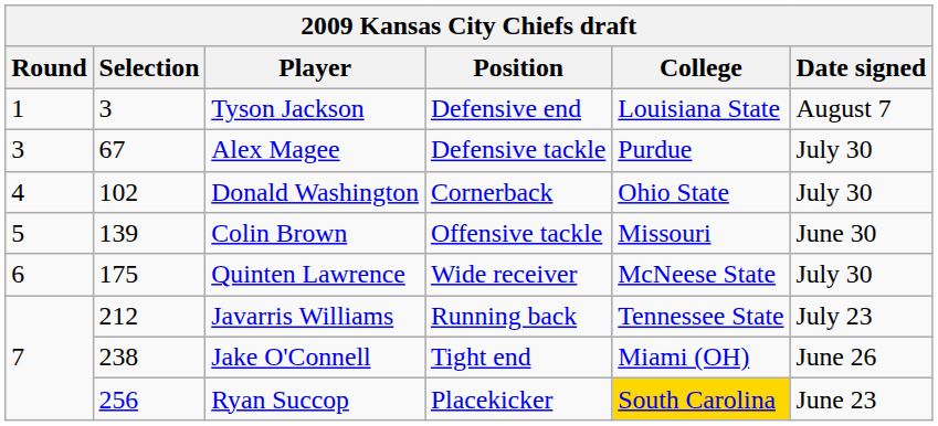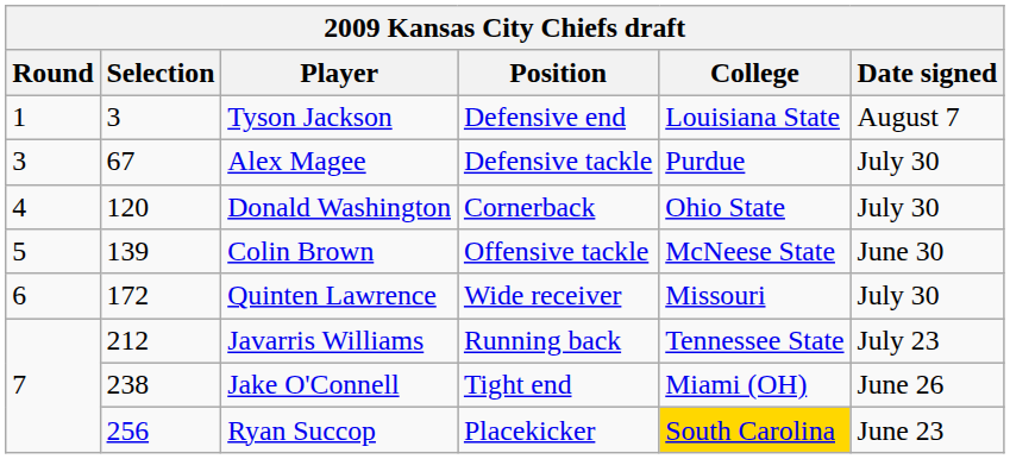 <table class=wikitable>
 <tr>
 <th colspan=6>2009 Kansas City Chiefs draft</th>
 </tr>
 <tr>
 <th>Round</th>
 <th>Selection</th>
 <th>Player</th>
 <th>Position</th>
 <th>College</th>
 <th>Date signed</th>
 </tr>
 <tr>
 <td>1</td>
 <td>3</td>
 <td><a href='#'>Tyson Jackson</a></td>
 <td><a href='#'>Defensive end</a></td>
 <td><a href='#'>Louisiana State</a></td>
 <td>August 7</td>
 </tr>
 <tr>
 <td>3</td>
 <td>67</td>
 <td><a href='#'>Alex Magee</a></td>
 <td><a href='#'>Defensive tackle</a></td>
 <td><a href='#'>Purdue</a></td>
 <td>July 30</td>
 </tr>
 <tr>
 <td>4</td>
-<td>102</td>
+<td>120</td>
 <td><a href='#'>Donald Washington</a></td>
 <td><a href='#'>Cornerback</a></td>
 <td><a href='#'>Ohio State</a></td>
 <td>July 30</td>
 </tr>
 <tr>
 <td>5</td>
 <td>139</td>
 <td><a href='#'>Colin Brown</a></td>
 <td><a href='#'>Offensive tackle</a></td>
-<td><a href='#'>Missouri</a></td>
+<td><a href='#'>McNeese State</a></td>
 <td>June 30</td>
 </tr>
 <tr>
 <td>6</td>
-<td>175</td>
+<td>172</td>
 <td><a href='#'>Quinten Lawrence</a></td>
 <td><a href='#'>Wide receiver</a></td>
-<td><a href='#'>McNeese State</a></td>
+<td><a href='#'>Missouri</a></td>
 <td>July 30</td>
 </tr>
 <tr>
 <td rowspan="3">7</td>
 <td>212</td>
 <td><a href='#'>Javarris Williams</a></td>
 <td><a href='#'>Running back</a></td>
 <td><a href='#'>Tennessee State</a></td>
 <td>July 23</td>
 </tr>
 <tr>
 <td>238</td>
 <td><a href='#'>Jake O'Connell</a></td>
 <td><a href='#'>Tight end</a></td>
 <td><a href='#'>Miami (OH)</a></td>
 <td>June 26</td>
 </tr>
 <tr>
 <td><a href='#'>256</a></td>
 <td><a href='#'>Ryan Succop</a></td>
 <td><a href='#'>Placekicker</a></td>
 <td style="background: gold;"><a href='#'>South Carolina</a></td>
 <td>June 23</td>
 </tr>
 </table>
